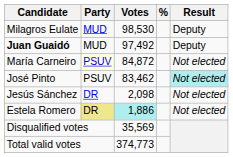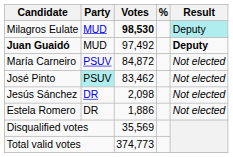 <table class="wikitable">
 <tr>
 <th>Candidate</th>
 <th>Party</th>
 <th>Votes</th>
 <th>%</th>
 <th>Result</th>
 </tr>
 <tr>
 <td>Milagros Eulate</td>
 <td><a href='#'>MUD</a></td>
-<td align=right>98,530</td>
+<td align=right><strong>98,530</strong></td>
 <td></td>
-<td>Deputy</td>
+<td style="background: paleturquoise;">Deputy</td>
 </tr>
 <tr>
 <td><strong>Juan Guaidó</strong></td>
 <td>MUD</td>
 <td align=right>97,492</td>
 <td></td>
-<td>Deputy</td>
+<td><strong>Deputy</strong></td>
 </tr>
 <tr>
 <td>María Carneiro</td>
-<td style="background: lightyellow;"><a href='#'>PSUV</a></td>
+<td><a href='#'>PSUV</a></td>
 <td align=right>84,872</td>
 <td></td>
 <td><em>Not elected</em></td>
 </tr>
 <tr>
 <td>José Pinto</td>
-<td>PSUV</td>
+<td style="background: paleturquoise;">PSUV</td>
 <td align=right>83,462</td>
 <td></td>
-<td style="background: paleturquoise;"><em>Not elected</em></td>
+<td><em>Not elected</em></td>
 </tr>
 <tr>
 <td>Jesús Sánchez</td>
 <td><a href='#'>DR</a></td>
 <td align=right>2,098</td>
 <td></td>
 <td><em>Not elected</em></td>
 </tr>
 <tr>
 <td>Estela Romero</td>
-<td style="background: khaki;">DR</td>
-<td align=right style="background: paleturquoise;">1,886</td>
+<td>DR</td>
+<td align=right>1,886</td>
 <td></td>
 <td><em>Not elected</em></td>
 </tr>
 <tr>
 <td colspan="2">Disqualified votes</td>
 <td align=right>35,569</td>
 <td></td>
 <th rowspan="2"></th>
 </tr>
 <tr>
 <td colspan="2">Total valid votes</td>
 <td align=right>374,773</td>
 <td></td>
 </tr>
 </table>
